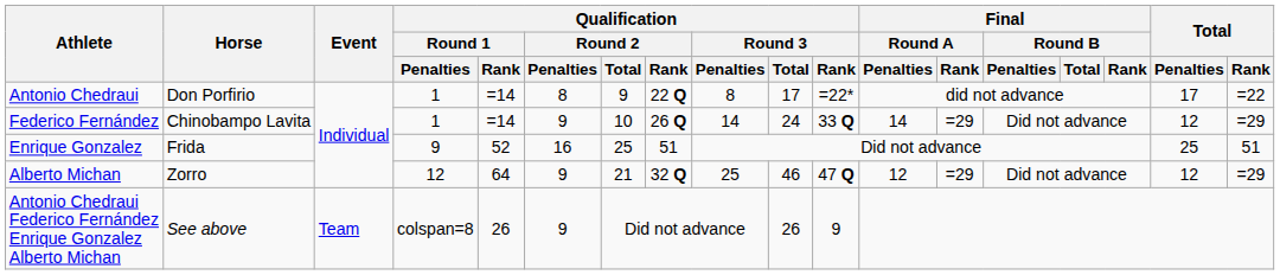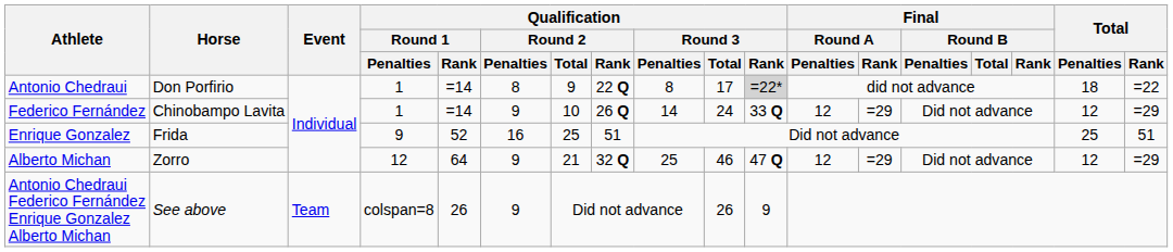 <table class="wikitable" style="font-size:90%">
 <tr>
 <th rowspan="3">Athlete</th>
 <th rowspan="3">Horse</th>
 <th rowspan="3">Event</th>
 <th colspan="8">Qualification</th>
 <th colspan="5">Final</th>
 <th rowspan=2 colspan="2">Total</th>
 </tr>
 <tr style="font-size:95%">
 <th colspan="2">Round 1</th>
 <th colspan="3">Round 2</th>
 <th colspan="3">Round 3</th>
 <th colspan="2">Round A</th>
 <th colspan="3">Round B</th>
 </tr>
 <tr style="font-size:95%">
 <th>Penalties</th>
 <th>Rank</th>
 <th>Penalties</th>
 <th>Total</th>
 <th>Rank</th>
 <th>Penalties</th>
 <th>Total</th>
 <th>Rank</th>
 <th>Penalties</th>
 <th>Rank</th>
 <th>Penalties</th>
 <th>Total</th>
 <th>Rank</th>
 <th>Penalties</th>
 <th>Rank</th>
 </tr>
 <tr align=center>
 <td align=left><a href='#'>Antonio Chedraui</a></td>
 <td align=left>Don Porfirio</td>
 <td align=left rowspan=4><a href='#'>Individual</a></td>
 <td>1</td>
 <td>=14</td>
 <td>8</td>
 <td>9</td>
 <td>22 <strong>Q</strong></td>
 <td>8</td>
 <td>17</td>
-<td>=22*</td>
+<td style="background: lightgrey;">=22*</td>
 <td colspan=5>did not advance</td>
-<td>17</td>
+<td>18</td>
 <td>=22</td>
 </tr>
 <tr align=center>
 <td align=left><a href='#'>Federico Fernández</a></td>
 <td align=left>Chinobampo Lavita</td>
 <td>1</td>
 <td>=14</td>
 <td>9</td>
 <td>10</td>
 <td>26 <strong>Q</strong></td>
 <td>14</td>
 <td>24</td>
 <td>33 <strong>Q</strong></td>
-<td>14</td>
+<td>12</td>
 <td>=29</td>
 <td colspan=3>Did not advance</td>
 <td>12</td>
 <td>=29</td>
 </tr>
 <tr align=center>
 <td align=left><a href='#'>Enrique Gonzalez</a></td>
 <td align=left>Frida</td>
 <td>9</td>
 <td>52</td>
 <td>16</td>
 <td>25</td>
 <td>51</td>
 <td colspan=8>Did not advance</td>
 <td>25</td>
 <td>51</td>
 </tr>
 <tr align=center>
 <td align=left><a href='#'>Alberto Michan</a></td>
 <td align=left>Zorro</td>
 <td>12</td>
 <td>64</td>
 <td>9</td>
 <td>21</td>
 <td>32 <strong>Q</strong></td>
 <td>25</td>
 <td>46</td>
 <td>47 <strong>Q</strong></td>
 <td>12</td>
 <td>=29</td>
 <td colspan=3>Did not advance</td>
 <td>12</td>
 <td>=29</td>
 </tr>
 <tr align=center>
 <td align=left><a href='#'>Antonio Chedraui</a><br><a href='#'>Federico Fernández</a><br><a href='#'>Enrique Gonzalez</a><br><a href='#'>Alberto Michan</a></td>
 <td align=left><em>See above</em></td>
 <td align=left><a href='#'>Team</a></td>
 <td>colspan=8 </td>
 <td>26</td>
 <td>9</td>
 <td colspan=3>Did not advance</td>
 <td>26</td>
 <td>9</td>
 </tr>
 </table>
